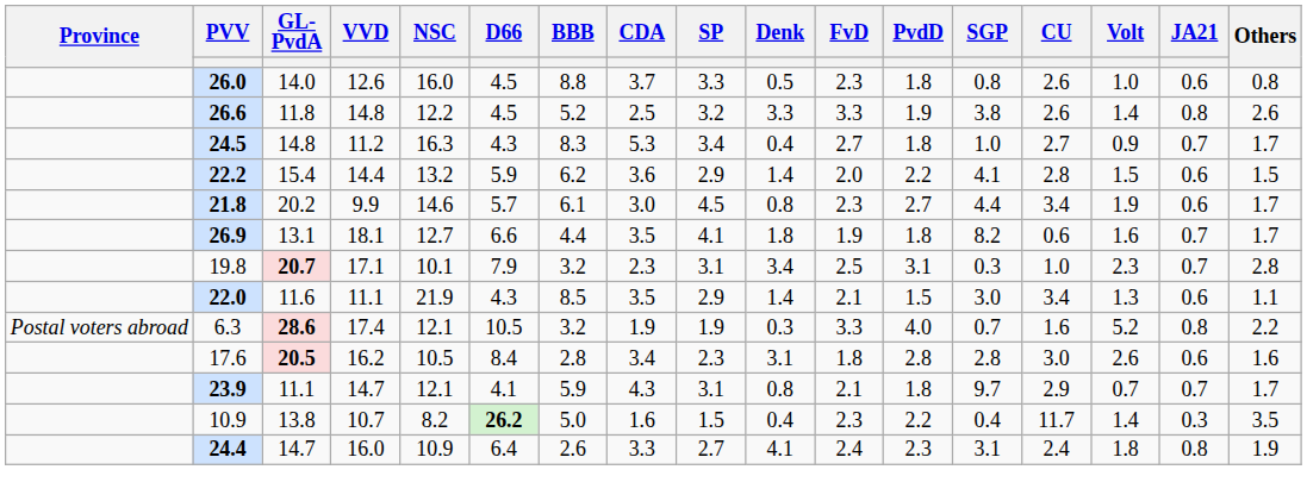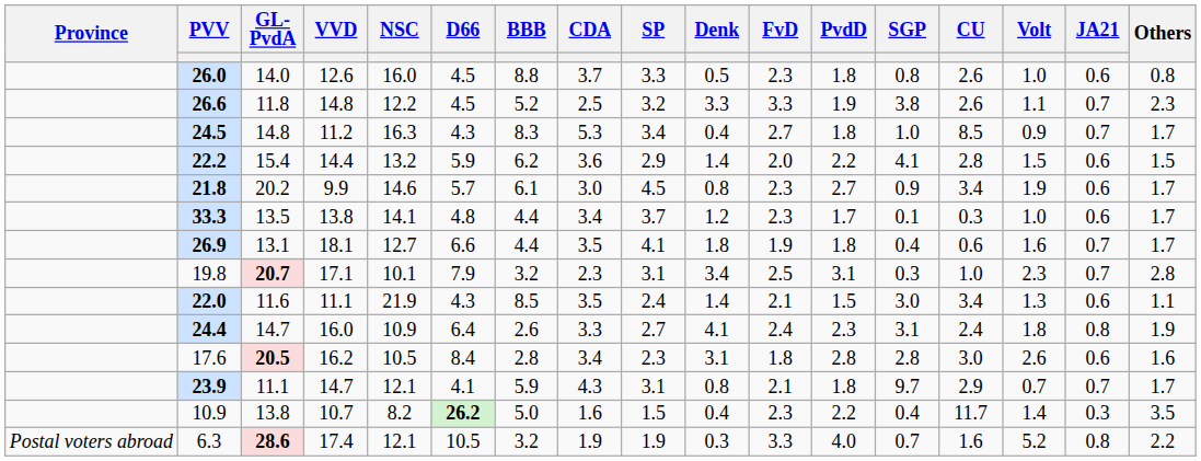 <table class="wikitable sortable" style="text-align:center;font-size:90%;line-height:14px">
 <tr>
 <th rowspan="2"><a href='#'>Province</a></th>
 <th style="width:40px;"><a href='#'>PVV</a></th>
 <th style="width:40px;"><a href='#'>GL-<br>PvdA</a></th>
 <th style="width:40px;"><a href='#'>VVD</a></th>
 <th style="width:40px;"><a href='#'>NSC</a></th>
 <th style="width:40px;"><a href='#'>D66</a></th>
 <th style="width:40px;"><a href='#'>BBB</a></th>
 <th style="width:40px;"><a href='#'>CDA</a></th>
 <th style="width:40px;"><a href='#'>SP</a></th>
 <th style="width:40px;"><a href='#'>Denk</a></th>
 <th style="width:40px;"><a href='#'>FvD</a></th>
 <th style="width:40px;"><a href='#'>PvdD</a></th>
 <th style="width:40px;"><a href='#'>SGP</a></th>
 <th style="width:40px;"><a href='#'>CU</a></th>
 <th style="width:40px;"><a href='#'>Volt</a></th>
 <th style="width:40px;"><a href='#'>JA21</a></th>
 <th style="width:40px;" rowspan="2">Others</th>
 </tr>
 <tr>
 <th style="background:"></th>
 <th style="background:"></th>
 <th style="background:"></th>
 <th style="background:"></th>
 <th style="background:"></th>
 <th style="background:"></th>
 <th style="background:"></th>
 <th style="background:"></th>
 <th style="background:"></th>
 <th style="background:"></th>
 <th style="background:"></th>
 <th style="background:"></th>
 <th style="background:"></th>
 <th style="background:"></th>
 <th style="background:"></th>
 </tr>
 <tr>
 <td align="left"></td>
 <td style="background:#CDE2FE"><strong>26.0</strong></td>
 <td>14.0</td>
 <td>12.6</td>
 <td>16.0</td>
 <td>4.5</td>
 <td>8.8</td>
 <td>3.7</td>
 <td>3.3</td>
 <td>0.5</td>
 <td>2.3</td>
 <td>1.8</td>
 <td>0.8</td>
 <td>2.6</td>
 <td>1.0</td>
 <td>0.6</td>
 <td>0.8</td>
 </tr>
 <tr>
 <td align="left"></td>
 <td style="background:#CDE2FE"><strong>26.6</strong></td>
 <td>11.8</td>
 <td>14.8</td>
 <td>12.2</td>
 <td>4.5</td>
 <td>5.2</td>
 <td>2.5</td>
 <td>3.2</td>
 <td>3.3</td>
 <td>3.3</td>
 <td>1.9</td>
 <td>3.8</td>
 <td>2.6</td>
-<td>1.4</td>
-<td>0.8</td>
-<td>2.6</td>
+<td>1.1</td>
+<td>0.7</td>
+<td>2.3</td>
 </tr>
 <tr>
 <td align="left"></td>
 <td style="background:#CDE2FE"><strong>24.5</strong></td>
 <td>14.8</td>
 <td>11.2</td>
 <td>16.3</td>
 <td>4.3</td>
 <td>8.3</td>
 <td>5.3</td>
 <td>3.4</td>
 <td>0.4</td>
 <td>2.7</td>
 <td>1.8</td>
 <td>1.0</td>
-<td>2.7</td>
+<td>8.5</td>
 <td>0.9</td>
 <td>0.7</td>
 <td>1.7</td>
 </tr>
 <tr>
 <td align="left"></td>
 <td style="background:#CDE2FE"><strong>22.2</strong></td>
 <td>15.4</td>
 <td>14.4</td>
 <td>13.2</td>
 <td>5.9</td>
 <td>6.2</td>
 <td>3.6</td>
 <td>2.9</td>
 <td>1.4</td>
 <td>2.0</td>
 <td>2.2</td>
 <td>4.1</td>
 <td>2.8</td>
 <td>1.5</td>
 <td>0.6</td>
 <td>1.5</td>
 </tr>
 <tr>
 <td align="left"></td>
 <td style="background:#CDE2FE"><strong>21.8</strong></td>
 <td>20.2</td>
 <td>9.9</td>
 <td>14.6</td>
 <td>5.7</td>
 <td>6.1</td>
 <td>3.0</td>
 <td>4.5</td>
 <td>0.8</td>
 <td>2.3</td>
 <td>2.7</td>
+<td>0.9</td>
+<td>3.4</td>
+<td>1.9</td>
+<td>0.6</td>
+<td>1.7</td>
+</tr>
+<tr>
+<td align="left"></td>
+<td style="background:#CDE2FE"><strong>33.3</strong></td>
+<td>13.5</td>
+<td>13.8</td>
+<td>14.1</td>
+<td>4.8</td>
 <td>4.4</td>
 <td>3.4</td>
-<td>1.9</td>
+<td>3.7</td>
+<td>1.2</td>
+<td>2.3</td>
+<td>1.7</td>
+<td>0.1</td>
+<td>0.3</td>
+<td>1.0</td>
 <td>0.6</td>
 <td>1.7</td>
 </tr>
 <tr>
 <td align="left"></td>
 <td style="background:#CDE2FE"><strong>26.9</strong></td>
 <td>13.1</td>
 <td>18.1</td>
 <td>12.7</td>
 <td>6.6</td>
 <td>4.4</td>
 <td>3.5</td>
 <td>4.1</td>
 <td>1.8</td>
 <td>1.9</td>
 <td>1.8</td>
-<td>8.2</td>
+<td>0.4</td>
 <td>0.6</td>
 <td>1.6</td>
 <td>0.7</td>
 <td>1.7</td>
 </tr>
 <tr>
 <td align="left"></td>
 <td>19.8</td>
 <td style="background:#fbdbdc"><strong>20.7</strong></td>
 <td>17.1</td>
 <td>10.1</td>
 <td>7.9</td>
 <td>3.2</td>
 <td>2.3</td>
 <td>3.1</td>
 <td>3.4</td>
 <td>2.5</td>
 <td>3.1</td>
 <td>0.3</td>
 <td>1.0</td>
 <td>2.3</td>
 <td>0.7</td>
 <td>2.8</td>
 </tr>
 <tr>
 <td align="left"></td>
 <td style="background:#CDE2FE"><strong>22.0</strong></td>
 <td>11.6</td>
 <td>11.1</td>
 <td>21.9</td>
 <td>4.3</td>
 <td>8.5</td>
 <td>3.5</td>
-<td>2.9</td>
+<td>2.4</td>
 <td>1.4</td>
 <td>2.1</td>
 <td>1.5</td>
 <td>3.0</td>
 <td>3.4</td>
 <td>1.3</td>
 <td>0.6</td>
 <td>1.1</td>
 </tr>
 <tr>
-<td align=left><em>Postal voters abroad</em></td>
-<td>6.3</td>
-<td style="background:#fbdbdc"><strong>28.6</strong></td>
-<td>17.4</td>
-<td>12.1</td>
-<td>10.5</td>
-<td>3.2</td>
+<td align="left"></td>
+<td style="background:#CDE2FE"><strong>24.4</strong></td>
+<td>14.7</td>
+<td>16.0</td>
+<td>10.9</td>
+<td>6.4</td>
+<td>2.6</td>
+<td>3.3</td>
+<td>2.7</td>
+<td>4.1</td>
+<td>2.4</td>
+<td>2.3</td>
+<td>3.1</td>
+<td>2.4</td>
+<td>1.8</td>
+<td>0.8</td>
 <td>1.9</td>
-<td>1.9</td>
-<td>0.3</td>
-<td>3.3</td>
-<td>4.0</td>
-<td>0.7</td>
-<td>1.6</td>
-<td>5.2</td>
-<td>0.8</td>
-<td>2.2</td>
 </tr>
 <tr>
 <td align="left"></td>
 <td>17.6</td>
 <td style="background:#fbdbdc"><strong>20.5</strong></td>
 <td>16.2</td>
 <td>10.5</td>
 <td>8.4</td>
 <td>2.8</td>
 <td>3.4</td>
 <td>2.3</td>
 <td>3.1</td>
 <td>1.8</td>
 <td>2.8</td>
 <td>2.8</td>
 <td>3.0</td>
 <td>2.6</td>
 <td>0.6</td>
 <td>1.6</td>
 </tr>
 <tr>
 <td align="left"></td>
 <td style="background:#CDE2FE"><strong>23.9</strong></td>
 <td>11.1</td>
 <td>14.7</td>
 <td>12.1</td>
 <td>4.1</td>
 <td>5.9</td>
 <td>4.3</td>
 <td>3.1</td>
 <td>0.8</td>
 <td>2.1</td>
 <td>1.8</td>
 <td>9.7</td>
 <td>2.9</td>
 <td>0.7</td>
 <td>0.7</td>
 <td>1.7</td>
 </tr>
 <tr>
 <td align=left><em></em></td>
 <td>10.9</td>
 <td>13.8</td>
 <td>10.7</td>
 <td>8.2</td>
 <td style="background:#D3F2D0"><strong>26.2</strong></td>
 <td>5.0</td>
 <td>1.6</td>
 <td>1.5</td>
 <td>0.4</td>
 <td>2.3</td>
 <td>2.2</td>
 <td>0.4</td>
 <td>11.7</td>
 <td>1.4</td>
 <td>0.3</td>
 <td>3.5</td>
 </tr>
 <tr>
-<td align="left"></td>
-<td style="background:#CDE2FE"><strong>24.4</strong></td>
-<td>14.7</td>
-<td>16.0</td>
-<td>10.9</td>
-<td>6.4</td>
-<td>2.6</td>
+<td align=left><em>Postal voters abroad</em></td>
+<td>6.3</td>
+<td style="background:#fbdbdc"><strong>28.6</strong></td>
+<td>17.4</td>
+<td>12.1</td>
+<td>10.5</td>
+<td>3.2</td>
+<td>1.9</td>
+<td>1.9</td>
+<td>0.3</td>
 <td>3.3</td>
-<td>2.7</td>
-<td>4.1</td>
-<td>2.4</td>
-<td>2.3</td>
-<td>3.1</td>
-<td>2.4</td>
-<td>1.8</td>
+<td>4.0</td>
+<td>0.7</td>
+<td>1.6</td>
+<td>5.2</td>
 <td>0.8</td>
-<td>1.9</td>
+<td>2.2</td>
 </tr>
 </table>
